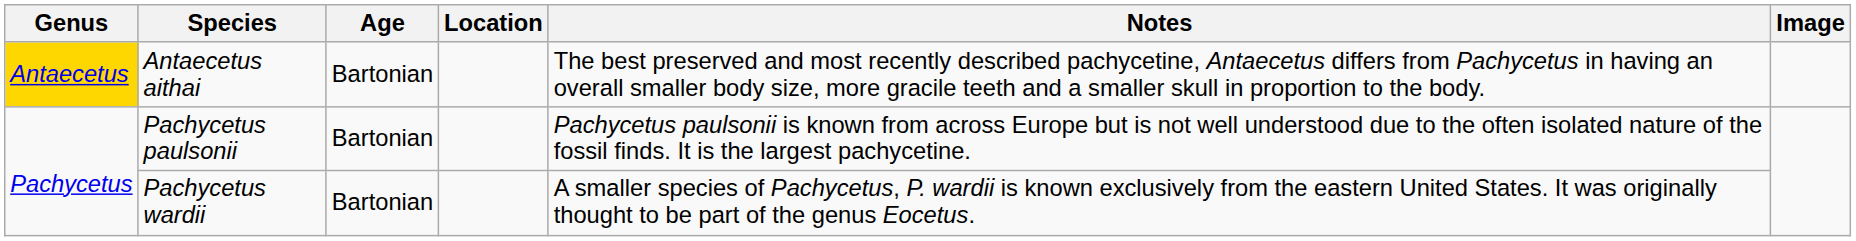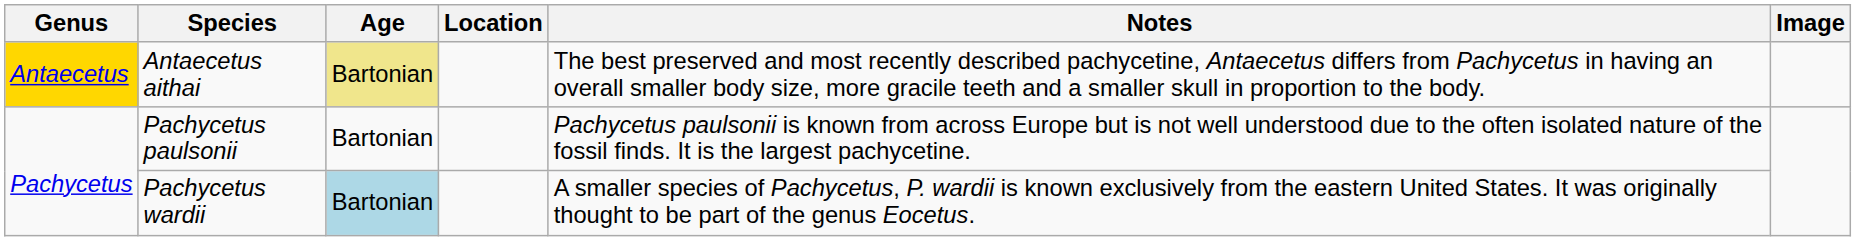 <table class="wikitable">
 <tr>
 <th>Genus</th>
 <th>Species</th>
 <th>Age</th>
 <th>Location</th>
 <th>Notes</th>
 <th>Image</th>
 </tr>
 <tr>
 <td style="background: gold;"><em><a href='#'>Antaecetus</a></em></td>
 <td><em>Antaecetus aithai</em></td>
-<td>Bartonian</td>
+<td style="background: khaki;">Bartonian</td>
 <td><br></td>
 <td>The best preserved and most recently described pachycetine, <em>Antaecetus</em> differs from <em>Pachycetus</em> in having an overall smaller body size, more gracile teeth and a smaller skull in proportion to the body.</td>
 <td></td>
 </tr>
 <tr>
 <td rowspan=2><br><em><a href='#'>Pachycetus</a></em></td>
 <td><em>Pachycetus paulsonii</em></td>
 <td>Bartonian</td>
 <td><br><br></td>
 <td><em>Pachycetus paulsonii</em> is known from across Europe but is not well understood due to the often isolated nature of the fossil finds. It is the largest pachycetine.</td>
 <td rowspan=2></td>
 </tr>
 <tr>
 <td><em>Pachycetus wardii</em></td>
-<td>Bartonian</td>
+<td style="background: lightblue;">Bartonian</td>
 <td></td>
 <td>A smaller species of <em>Pachycetus</em>, <em>P. wardii</em> is known exclusively from the eastern United States. It was originally thought to be part of the genus <em>Eocetus</em>.</td>
 </tr>
 </table>
